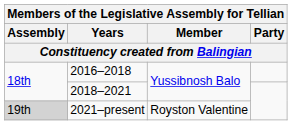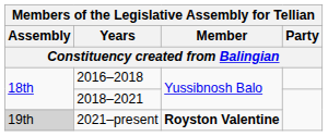 <table class=wikitable>
 <tr>
 <th colspan="4">Members of the Legislative Assembly for Tellian</th>
 </tr>
 <tr>
 <th>Assembly</th>
 <th>Years</th>
 <th>Member</th>
 <th>Party</th>
 </tr>
 <tr>
 <th colspan=4 align=center><em>Constituency created from <a href='#'>Balingian</a></em></th>
 </tr>
 <tr>
 <td rowspan="2"><a href='#'>18th</a></td>
 <td>2016–2018</td>
 <td rowspan="2"><a href='#'>Yussibnosh Balo</a></td>
 <td></td>
 </tr>
 <tr>
 <td>2018–2021</td>
 <td rowspan="2"></td>
 </tr>
 <tr>
 <td style="background: lightgrey;">19th</td>
 <td>2021–present</td>
-<td>Royston Valentine</td>
+<td><strong>Royston Valentine</strong></td>
 </tr>
 </table>
